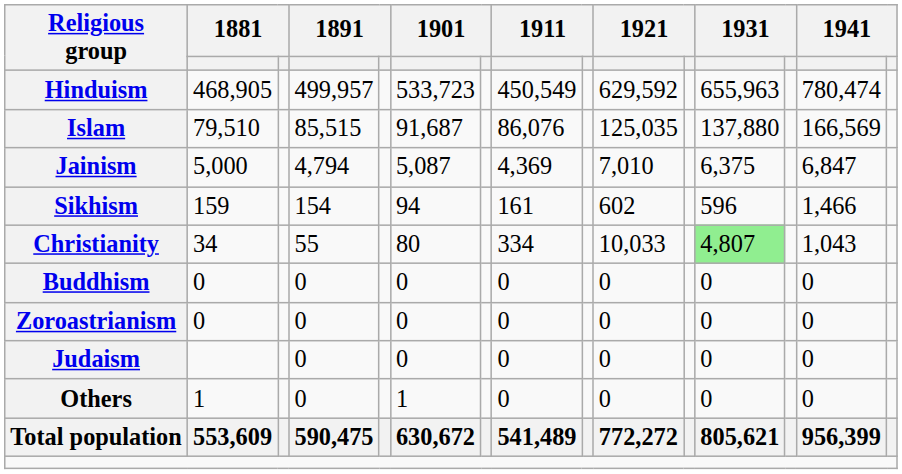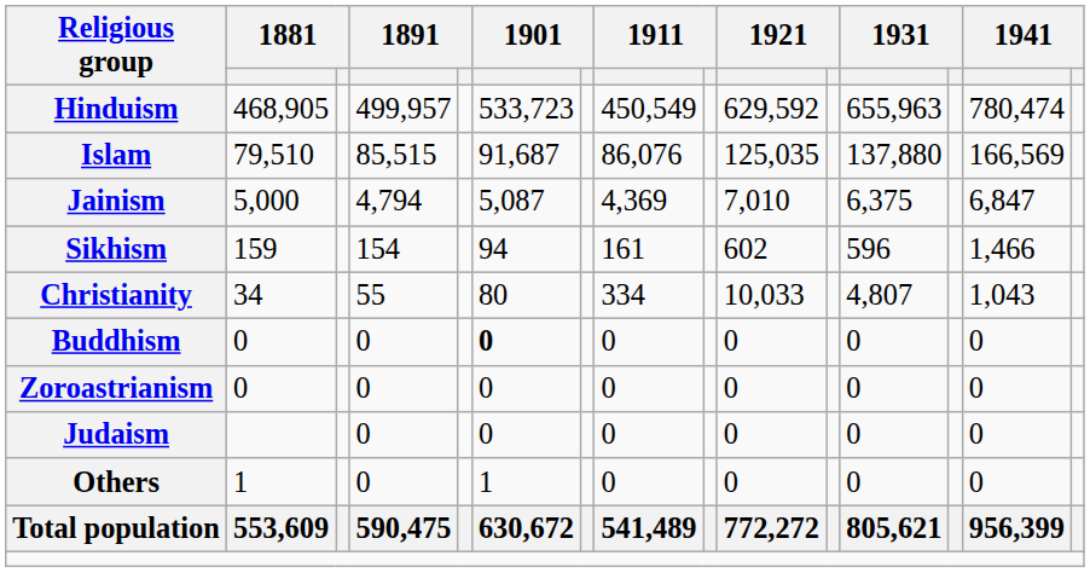 <table class="wikitable sortable">
 <tr>
 <th rowspan="2"><a href='#'>Religious</a><br>group</th>
 <th colspan="2">1881</th>
 <th colspan="2">1891</th>
 <th colspan="2">1901</th>
 <th colspan="2">1911</th>
 <th colspan="2">1921</th>
 <th colspan="2">1931</th>
 <th colspan="2">1941</th>
 </tr>
 <tr>
 <th><a href='#'></a></th>
 <th></th>
 <th></th>
 <th></th>
 <th></th>
 <th></th>
 <th></th>
 <th></th>
 <th></th>
 <th></th>
 <th></th>
 <th></th>
 <th></th>
 <th></th>
 </tr>
 <tr>
 <th><a href='#'>Hinduism</a> </th>
 <td>468,905</td>
 <td></td>
 <td>499,957</td>
 <td></td>
 <td>533,723</td>
 <td></td>
 <td>450,549</td>
 <td></td>
 <td>629,592</td>
 <td></td>
 <td>655,963</td>
 <td></td>
 <td>780,474</td>
 <td></td>
 </tr>
 <tr>
 <th><a href='#'>Islam</a> </th>
 <td>79,510</td>
 <td></td>
 <td>85,515</td>
 <td></td>
 <td>91,687</td>
 <td></td>
 <td>86,076</td>
 <td></td>
 <td>125,035</td>
 <td></td>
 <td>137,880</td>
 <td></td>
 <td>166,569</td>
 <td></td>
 </tr>
 <tr>
 <th><a href='#'>Jainism</a> </th>
 <td>5,000</td>
 <td></td>
 <td>4,794</td>
 <td></td>
 <td>5,087</td>
 <td></td>
 <td>4,369</td>
 <td></td>
 <td>7,010</td>
 <td></td>
 <td>6,375</td>
 <td></td>
 <td>6,847</td>
 <td></td>
 </tr>
 <tr>
 <th><a href='#'>Sikhism</a> </th>
 <td>159</td>
 <td></td>
 <td>154</td>
 <td></td>
 <td>94</td>
 <td></td>
 <td>161</td>
 <td></td>
 <td>602</td>
 <td></td>
 <td>596</td>
 <td></td>
 <td>1,466</td>
 <td></td>
 </tr>
 <tr>
 <th><a href='#'>Christianity</a> </th>
 <td>34</td>
 <td></td>
 <td>55</td>
 <td></td>
 <td>80</td>
 <td></td>
 <td>334</td>
 <td></td>
 <td>10,033</td>
 <td></td>
-<td style="background: lightgreen;">4,807</td>
+<td>4,807</td>
 <td></td>
 <td>1,043</td>
 <td></td>
 </tr>
 <tr>
 <th><a href='#'>Buddhism</a> </th>
 <td>0</td>
 <td></td>
 <td>0</td>
 <td></td>
-<td>0</td>
+<td><strong>0</strong></td>
 <td></td>
 <td>0</td>
 <td></td>
 <td>0</td>
 <td></td>
 <td>0</td>
 <td></td>
 <td>0</td>
 <td></td>
 </tr>
 <tr>
 <th><a href='#'>Zoroastrianism</a> </th>
 <td>0</td>
 <td></td>
 <td>0</td>
 <td></td>
 <td>0</td>
 <td></td>
 <td>0</td>
 <td></td>
 <td>0</td>
 <td></td>
 <td>0</td>
 <td></td>
 <td>0</td>
 <td></td>
 </tr>
 <tr>
 <th><a href='#'>Judaism</a> </th>
 <td></td>
 <td></td>
 <td>0</td>
 <td></td>
 <td>0</td>
 <td></td>
 <td>0</td>
 <td></td>
 <td>0</td>
 <td></td>
 <td>0</td>
 <td></td>
 <td>0</td>
 <td></td>
 </tr>
 <tr>
 <th>Others</th>
 <td>1</td>
 <td></td>
 <td>0</td>
 <td></td>
 <td>1</td>
 <td></td>
 <td>0</td>
 <td></td>
 <td>0</td>
 <td></td>
 <td>0</td>
 <td></td>
 <td>0</td>
 <td></td>
 </tr>
 <tr>
 <th>Total population</th>
 <th>553,609</th>
 <th></th>
 <th>590,475</th>
 <th></th>
 <th>630,672</th>
 <th></th>
 <th>541,489</th>
 <th></th>
 <th>772,272</th>
 <th></th>
 <th>805,621</th>
 <th></th>
 <th>956,399</th>
 <th></th>
 </tr>
 <tr class="sortbottom">
 <td colspan="15"></td>
 </tr>
 </table>
